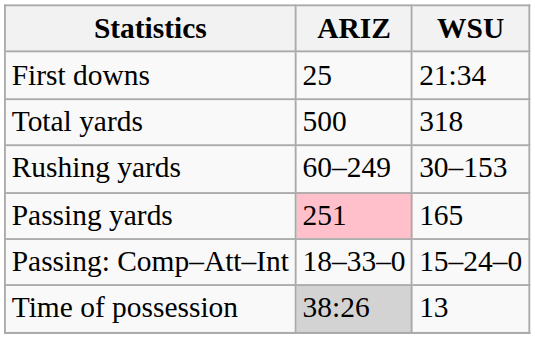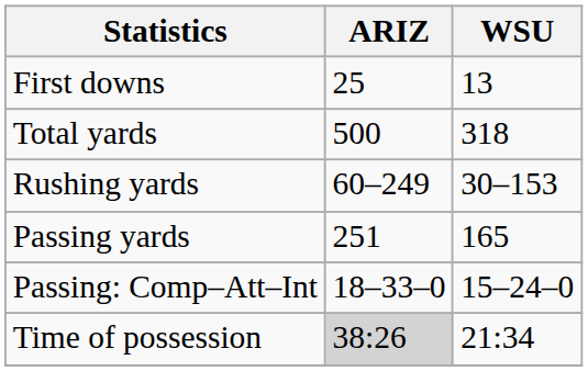 <table class="wikitable" style="float: left;">
 <tr>
 <th>Statistics</th>
 <th>ARIZ</th>
 <th>WSU</th>
 </tr>
 <tr>
 <td>First downs</td>
 <td>25</td>
-<td>21:34</td>
+<td>13</td>
 </tr>
 <tr>
 <td>Total yards</td>
 <td>500</td>
 <td>318</td>
 </tr>
 <tr>
 <td>Rushing yards</td>
 <td>60–249</td>
 <td>30–153</td>
 </tr>
 <tr>
 <td>Passing yards</td>
-<td style="background: pink;">251</td>
+<td>251</td>
 <td>165</td>
 </tr>
 <tr>
 <td>Passing: Comp–Att–Int</td>
 <td>18–33–0</td>
 <td>15–24–0</td>
 </tr>
 <tr>
 <td>Time of possession</td>
 <td style="background: lightgrey;">38:26</td>
-<td>13</td>
+<td>21:34</td>
 </tr>
 <tr>
 </tr>
 </table>
